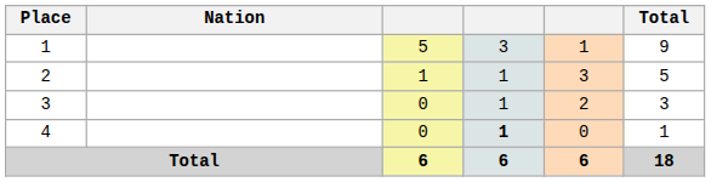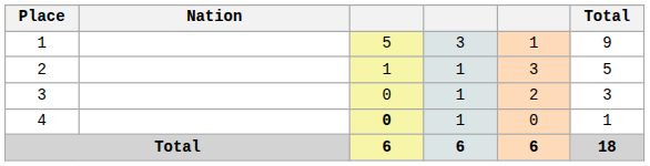 <table class=wikitable style="border:1px solid #AAAAAA;font-size:90%">
 <tr bgcolor="#EFEFEF">
 <th width=50>Place</th>
 <th width=200>Nation</th>
 <th width=50></th>
 <th width=50></th>
 <th width=50></th>
 <th width=50>Total</th>
 </tr>
 <tr align="center" valign="top" bgcolor="#FFFFFF">
 <td>1</td>
 <td align="left"></td>
 <td style="background:#F7F6A8;">5</td>
 <td style="background:#DCE5E5;">3</td>
 <td style="background:#FFDAB9;">1</td>
 <td>9</td>
 </tr>
 <tr align="center" valign="top" bgcolor="#FFFFFF">
 <td>2</td>
 <td align="left"></td>
 <td style="background:#F7F6A8;">1</td>
 <td style="background:#DCE5E5;">1</td>
 <td style="background:#FFDAB9;">3</td>
 <td>5</td>
 </tr>
 <tr align="center" valign="top" bgcolor="#FFFFFF">
 <td>3</td>
 <td align="left"></td>
 <td style="background:#F7F6A8;">0</td>
 <td style="background:#DCE5E5;">1</td>
 <td style="background:#FFDAB9;">2</td>
 <td>3</td>
 </tr>
 <tr align="center" valign="top" bgcolor="#FFFFFF">
 <td>4</td>
 <td align="left"></td>
-<td style="background:#F7F6A8;">0</td>
-<td style="background:#DCE5E5;"><strong>1</strong></td>
+<td style="background:#F7F6A8;"><strong>0</strong></td>
+<td style="background:#DCE5E5;">1</td>
 <td style="background:#FFDAB9;">0</td>
 <td>1</td>
 </tr>
 <tr align="center">
 <td colspan="2" bgcolor=D3D3D3><strong>Total</strong></td>
 <td style="background:#F7F6A8;"><strong>6</strong></td>
 <td style="background:#DCE5E5;"><strong>6</strong></td>
 <td style="background:#FFDAB9;"><strong>6</strong></td>
 <td bgcolor=D3D3D3><strong>18</strong></td>
 </tr>
 </table>
